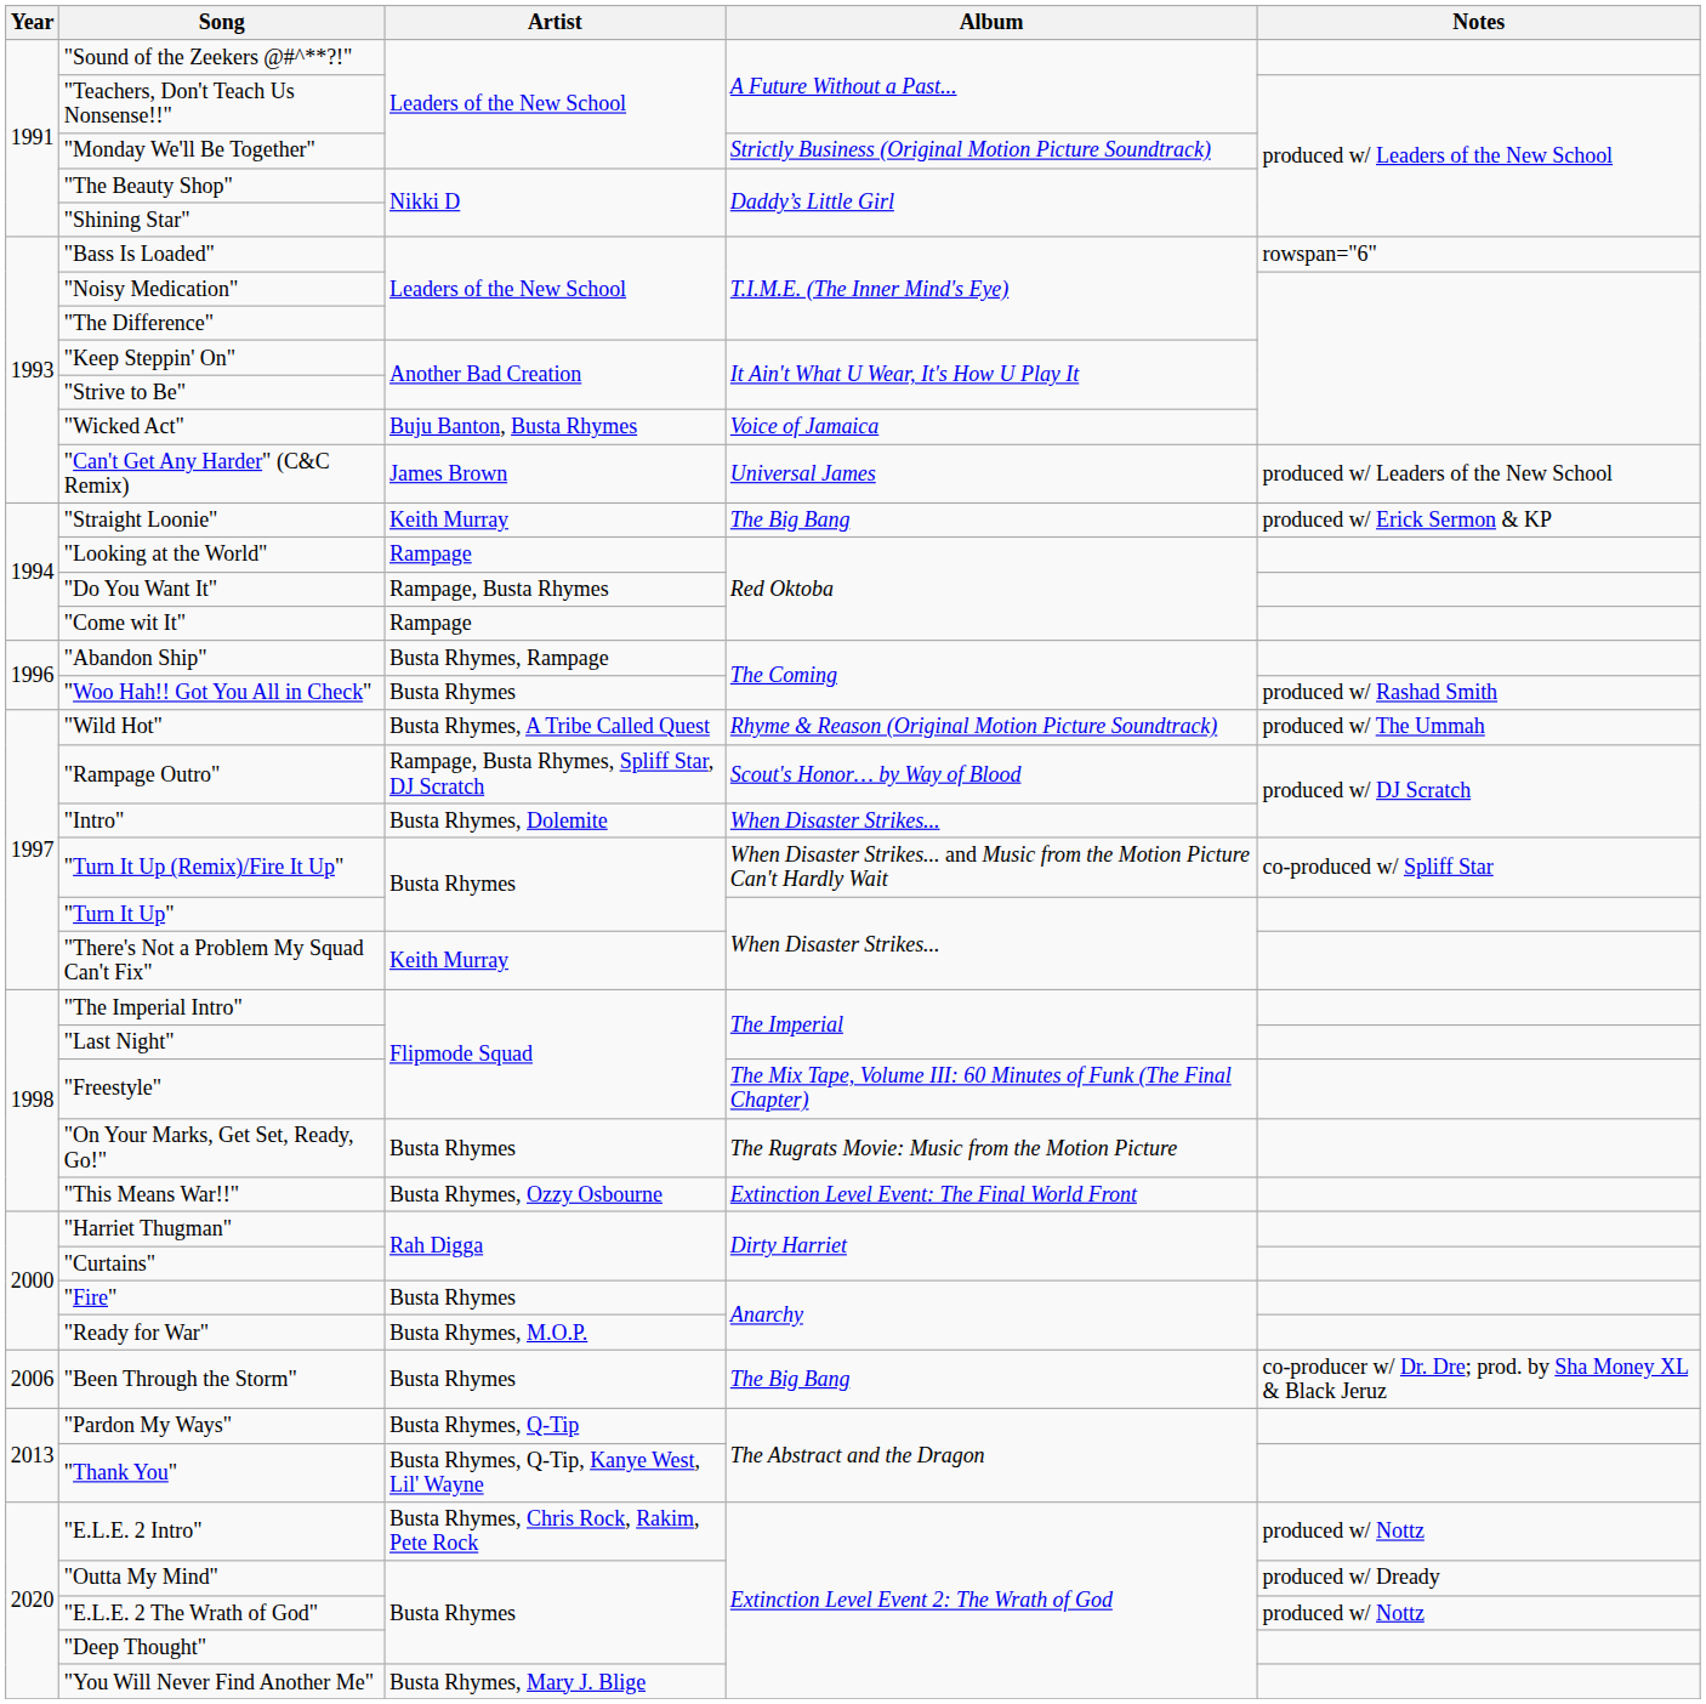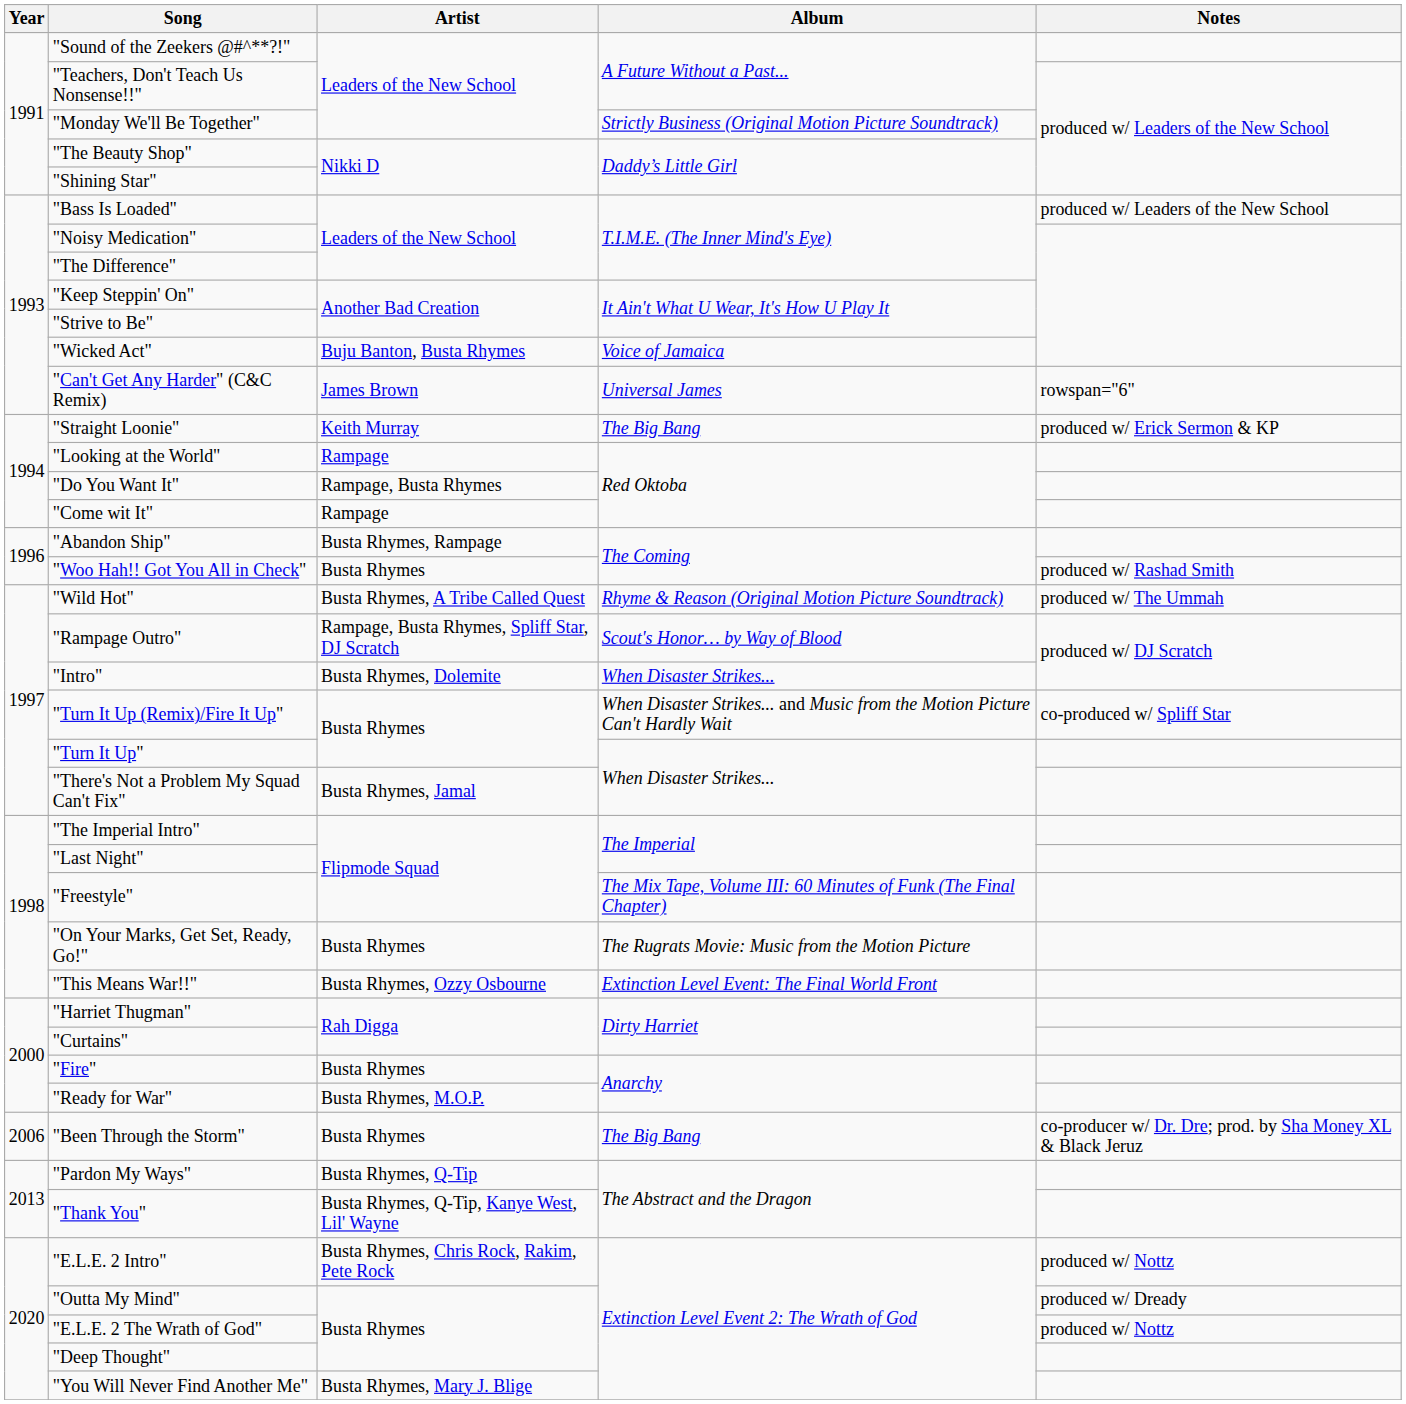 <table class="wikitable plainrowheaders sortable">
 <tr>
 <th>Year</th>
 <th>Song</th>
 <th>Artist</th>
 <th>Album</th>
 <th>Notes</th>
 </tr>
 <tr>
 <td rowspan="5">1991</td>
 <td>"Sound of the Zeekers @#^**?!"</td>
 <td rowspan="3"><a href='#'>Leaders of the New School</a></td>
 <td rowspan="2"><em><a href='#'>A Future Without a Past...</a></em></td>
 <td></td>
 </tr>
 <tr>
 <td>"Teachers, Don't Teach Us Nonsense!!"</td>
 <td rowspan="4">produced w/ <a href='#'>Leaders of the New School</a></td>
 </tr>
 <tr>
 <td>"Monday We'll Be Together"</td>
 <td><em><a href='#'>Strictly Business (Original Motion Picture Soundtrack)</a></em></td>
 </tr>
 <tr>
 <td>"The Beauty Shop"</td>
 <td rowspan="2"><a href='#'>Nikki D</a></td>
 <td rowspan="2"><em><a href='#'>Daddy’s Little Girl</a></em></td>
 </tr>
 <tr>
 <td>"Shining Star"</td>
 </tr>
 <tr>
 <td rowspan="7">1993</td>
 <td>"Bass Is Loaded"</td>
 <td rowspan="3"><a href='#'>Leaders of the New School</a></td>
 <td rowspan="3"><em><a href='#'>T.I.M.E. (The Inner Mind's Eye)</a></em></td>
-<td>rowspan="6" </td>
+<td>produced w/ Leaders of the New School</td>
 </tr>
 <tr>
 <td>"Noisy Medication"</td>
 </tr>
 <tr>
 <td>"The Difference"</td>
 </tr>
 <tr>
 <td>"Keep Steppin' On"</td>
 <td rowspan="2"><a href='#'>Another Bad Creation</a></td>
 <td rowspan="2"><em><a href='#'>It Ain't What U Wear, It's How U Play It</a></em></td>
 </tr>
 <tr>
 <td>"Strive to Be"</td>
 </tr>
 <tr>
 <td>"Wicked Act"</td>
 <td><a href='#'>Buju Banton</a>, <a href='#'>Busta Rhymes</a></td>
 <td><em><a href='#'>Voice of Jamaica</a></em></td>
 </tr>
 <tr>
 <td>"<a href='#'>Can't Get Any Harder</a>" (C&C Remix)</td>
 <td><a href='#'>James Brown</a></td>
 <td><em><a href='#'>Universal James</a></em></td>
-<td>produced w/ Leaders of the New School</td>
+<td>rowspan="6" </td>
 </tr>
 <tr>
 <td rowspan="4">1994</td>
 <td>"Straight Loonie"</td>
 <td><a href='#'>Keith Murray</a></td>
 <td><em><a href='#'>The Big Bang</a></em></td>
 <td>produced w/ <a href='#'>Erick Sermon</a> & KP</td>
 </tr>
 <tr>
 <td>"Looking at the World"</td>
 <td><a href='#'>Rampage</a></td>
 <td rowspan="3"><em>Red Oktoba</em></td>
 <td></td>
 </tr>
 <tr>
 <td>"Do You Want It"</td>
 <td>Rampage, Busta Rhymes</td>
 <td></td>
 </tr>
 <tr>
 <td>"Come wit It"</td>
 <td>Rampage</td>
 <td></td>
 </tr>
 <tr>
 <td rowspan="2">1996</td>
 <td>"Abandon Ship"</td>
 <td>Busta Rhymes, Rampage</td>
 <td rowspan="2"><em><a href='#'>The Coming</a></em></td>
 <td></td>
 </tr>
 <tr>
 <td>"<a href='#'>Woo Hah!! Got You All in Check</a>"</td>
 <td>Busta Rhymes</td>
 <td>produced w/ <a href='#'>Rashad Smith</a></td>
 </tr>
 <tr>
 <td rowspan="6">1997</td>
 <td>"Wild Hot"</td>
 <td>Busta Rhymes, <a href='#'>A Tribe Called Quest</a></td>
 <td><em><a href='#'>Rhyme & Reason (Original Motion Picture Soundtrack)</a></em></td>
 <td>produced w/ <a href='#'>The Ummah</a></td>
 </tr>
 <tr>
 <td>"Rampage Outro"</td>
 <td>Rampage, Busta Rhymes, <a href='#'>Spliff Star</a>, <a href='#'>DJ Scratch</a></td>
 <td><em><a href='#'>Scout's Honor… by Way of Blood</a></em></td>
 <td rowspan="2">produced w/ <a href='#'>DJ Scratch</a></td>
 </tr>
 <tr>
 <td>"Intro"</td>
 <td>Busta Rhymes, <a href='#'>Dolemite</a></td>
 <td><em><a href='#'>When Disaster Strikes...</a></em></td>
 </tr>
 <tr>
 <td>"<a href='#'>Turn It Up (Remix)/Fire It Up</a>"</td>
 <td rowspan="2">Busta Rhymes</td>
 <td><em>When Disaster Strikes...</em> and <em>Music from the Motion Picture Can't Hardly Wait</em></td>
 <td>co-produced w/ <a href='#'>Spliff Star</a></td>
 </tr>
 <tr>
 <td>"<a href='#'>Turn It Up</a>"</td>
 <td rowspan="2"><em>When Disaster Strikes...</em></td>
 <td></td>
 </tr>
 <tr>
 <td>"There's Not a Problem My Squad Can't Fix"</td>
-<td><a href='#'>Keith Murray</a></td>
+<td>Busta Rhymes, <a href='#'>Jamal</a></td>
 <td></td>
 </tr>
 <tr>
 <td rowspan="5">1998</td>
 <td>"The Imperial Intro"</td>
 <td rowspan="3"><a href='#'>Flipmode Squad</a></td>
 <td rowspan="2"><em><a href='#'>The Imperial</a></em></td>
 <td></td>
 </tr>
 <tr>
 <td>"Last Night"</td>
 <td></td>
 </tr>
 <tr>
 <td>"Freestyle"</td>
 <td><em><a href='#'>The Mix Tape, Volume III: 60 Minutes of Funk (The Final Chapter)</a></em></td>
 <td></td>
 </tr>
 <tr>
 <td>"On Your Marks, Get Set, Ready, Go!"</td>
 <td>Busta Rhymes</td>
 <td><em>The Rugrats Movie: Music from the Motion Picture</em></td>
 <td></td>
 </tr>
 <tr>
 <td>"This Means War!!"</td>
 <td>Busta Rhymes, <a href='#'>Ozzy Osbourne</a></td>
 <td><em><a href='#'>Extinction Level Event: The Final World Front</a></em></td>
 <td></td>
 </tr>
 <tr>
 <td rowspan="4">2000</td>
 <td>"Harriet Thugman"</td>
 <td rowspan="2"><a href='#'>Rah Digga</a></td>
 <td rowspan="2"><em><a href='#'>Dirty Harriet</a></em></td>
 <td></td>
 </tr>
 <tr>
 <td>"Curtains"</td>
 <td></td>
 </tr>
 <tr>
 <td>"<a href='#'>Fire</a>"</td>
 <td>Busta Rhymes</td>
 <td rowspan="2"><em><a href='#'>Anarchy</a></em></td>
 <td></td>
 </tr>
 <tr>
 <td>"Ready for War"</td>
 <td>Busta Rhymes, <a href='#'>M.O.P.</a></td>
 <td></td>
 </tr>
 <tr>
 <td>2006</td>
 <td>"Been Through the Storm"</td>
 <td>Busta Rhymes</td>
 <td><em><a href='#'>The Big Bang</a></em></td>
 <td>co-producer w/ <a href='#'>Dr. Dre</a>; prod. by <a href='#'>Sha Money XL</a> & Black Jeruz</td>
 </tr>
 <tr>
 <td rowspan="2">2013</td>
 <td>"Pardon My Ways"</td>
 <td>Busta Rhymes, <a href='#'>Q-Tip</a></td>
 <td rowspan="2"><em>The Abstract and the Dragon</em></td>
 <td></td>
 </tr>
 <tr>
 <td>"<a href='#'>Thank You</a>"</td>
 <td>Busta Rhymes, Q-Tip, <a href='#'>Kanye West</a>, <a href='#'>Lil' Wayne</a></td>
 <td></td>
 </tr>
 <tr>
 <td rowspan="5">2020</td>
 <td>"E.L.E. 2 Intro"</td>
 <td>Busta Rhymes, <a href='#'>Chris Rock</a>, <a href='#'>Rakim</a>, <a href='#'>Pete Rock</a></td>
 <td rowspan="5"><em><a href='#'>Extinction Level Event 2: The Wrath of God</a></em></td>
 <td>produced w/ <a href='#'>Nottz</a></td>
 </tr>
 <tr>
 <td>"Outta My Mind"</td>
 <td rowspan="3">Busta Rhymes</td>
 <td>produced w/ Dready</td>
 </tr>
 <tr>
 <td>"E.L.E. 2 The Wrath of God"</td>
 <td>produced w/ <a href='#'>Nottz</a></td>
 </tr>
 <tr>
 <td>"Deep Thought"</td>
 <td></td>
 </tr>
 <tr>
 <td>"You Will Never Find Another Me"</td>
 <td>Busta Rhymes, <a href='#'>Mary J. Blige</a></td>
 <td></td>
 </tr>
 <tr>
 </tr>
 </table>
